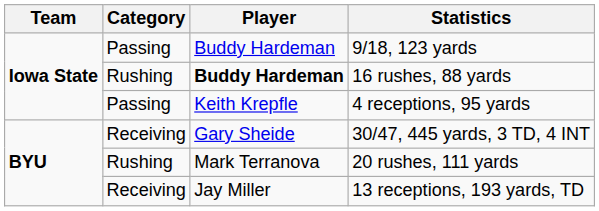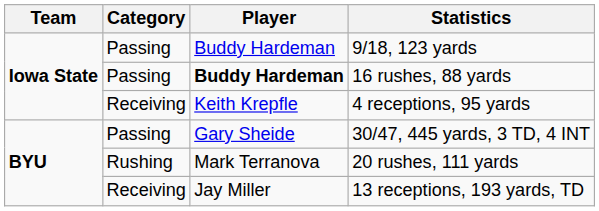 <table class="wikitable" style="float: left;">
 <tr>
 <th>Team</th>
 <th>Category</th>
 <th>Player</th>
 <th>Statistics</th>
 </tr>
 <tr>
 <td rowspan=3><strong>Iowa State</strong></td>
 <td>Passing</td>
 <td><a href='#'>Buddy Hardeman</a></td>
 <td>9/18, 123 yards</td>
 </tr>
 <tr>
-<td>Rushing</td>
+<td>Passing</td>
 <td><strong>Buddy Hardeman</strong></td>
 <td>16 rushes, 88 yards</td>
 </tr>
 <tr>
-<td>Passing</td>
+<td>Receiving</td>
 <td><a href='#'>Keith Krepfle</a></td>
 <td>4 receptions, 95 yards</td>
 </tr>
 <tr>
 <td rowspan=3><strong>BYU</strong></td>
-<td>Receiving</td>
+<td>Passing</td>
 <td><a href='#'>Gary Sheide</a></td>
 <td>30/47, 445 yards, 3 TD, 4 INT</td>
 </tr>
 <tr>
 <td>Rushing</td>
 <td>Mark Terranova</td>
 <td>20 rushes, 111 yards</td>
 </tr>
 <tr>
 <td>Receiving</td>
 <td>Jay Miller</td>
 <td>13 receptions, 193 yards, TD</td>
 </tr>
 </table>
